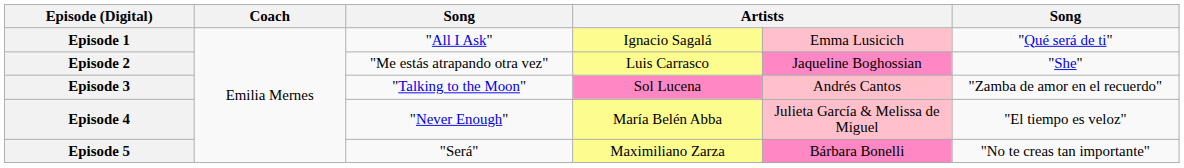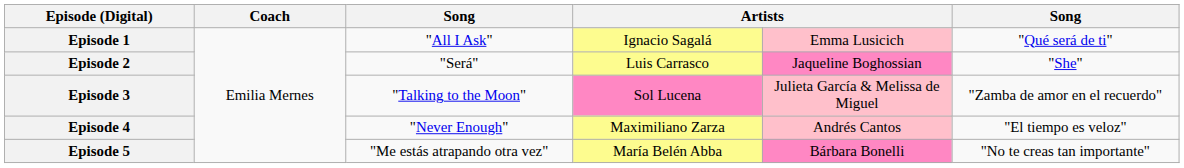 <table class="wikitable" style="text-align: center; width:100%">
 <tr>
 <th style="width:15%">Episode (Digital)</th>
 <th style="width:12%">Coach</th>
 <th style="width:18%">Song</th>
 <th style="width:30%" colspan="2">Artists</th>
 <th style="width:18%">Song</th>
 </tr>
 <tr>
 <th>Episode 1<br></th>
 <td rowspan="7">Emilia Mernes</td>
 <td>"<a href='#'>All I Ask</a>"</td>
 <td style="background:#fdfc8f; width:15%">Ignacio Sagalá</td>
 <td style="background:pink; width:15%">Emma Lusicich</td>
 <td>"<a href='#'>Qué será de ti</a>"</td>
 </tr>
 <tr>
 <th>Episode 2<br></th>
-<td>"Me estás atrapando otra vez"</td>
+<td>"Será"</td>
 <td style="background:#fdfc8f">Luis Carrasco</td>
 <td style="background:#FF87C3">Jaqueline Boghossian </td>
 <td>"<a href='#'>She</a>"</td>
 </tr>
 <tr>
 <th>Episode 3<br></th>
 <td>"<a href='#'>Talking to the Moon</a>"</td>
 <td style="background:#FF87C3">Sol Lucena </td>
-<td style="background:pink">Andrés Cantos</td>
+<td style="background:pink">Julieta García & Melissa de Miguel</td>
 <td>"Zamba de amor en el recuerdo"</td>
 </tr>
 <tr>
 <th>Episode 4<br></th>
 <td>"<a href='#'>Never Enough</a>"</td>
-<td style="background:#fdfc8f">María Belén Abba</td>
-<td style="background:pink">Julieta García & Melissa de Miguel</td>
+<td style="background:#fdfc8f">Maximiliano Zarza</td>
+<td style="background:pink">Andrés Cantos</td>
 <td>"El tiempo es veloz"</td>
 </tr>
 <tr>
 <th>Episode 5<br></th>
-<td>"Será"</td>
-<td style="background:#fdfc8f">Maximiliano Zarza</td>
+<td>"Me estás atrapando otra vez"</td>
+<td style="background:#fdfc8f">María Belén Abba</td>
 <td style="background:#FF87C3">Bárbara Bonelli </td>
 <td>"No te creas tan importante"</td>
 </tr>
 </table>
